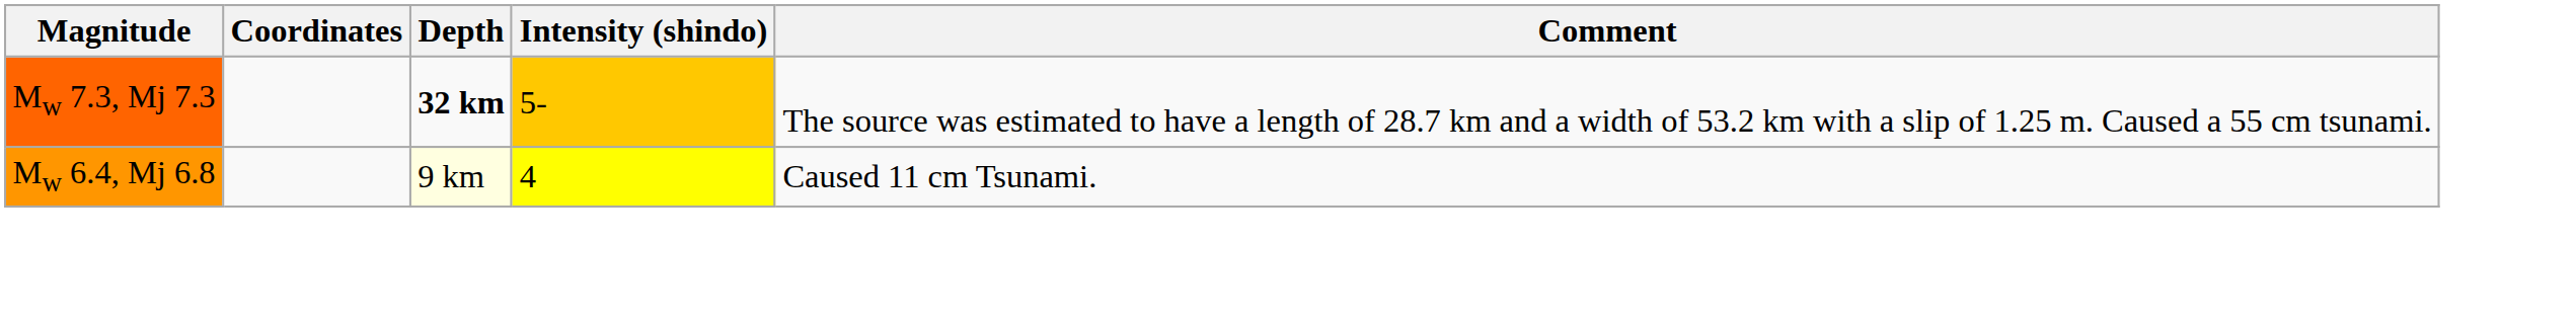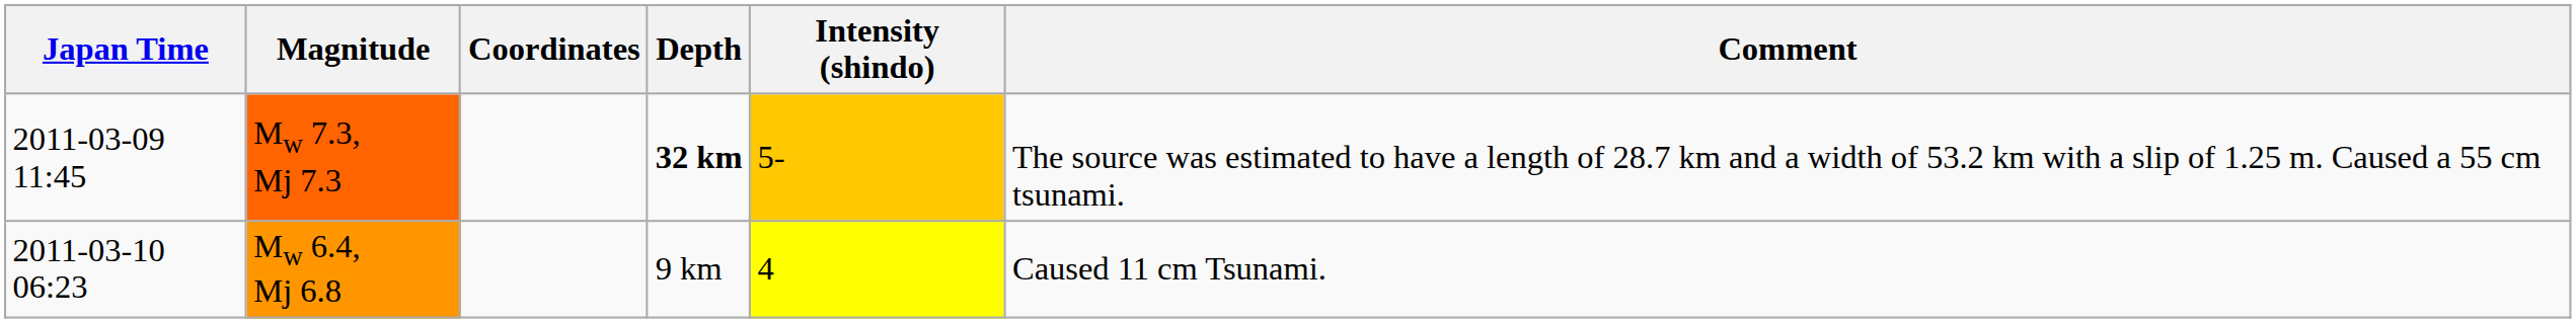 <table class="wikitable">
 <tr>
+<th><a href='#'>Japan Time</a></th>
 <th>Magnitude</th>
 <th>Coordinates</th>
 <th>Depth</th>
 <th>Intensity (shindo)</th>
 <th>Comment</th>
 </tr>
 <tr>
+<td>2011-03-09 11:45</td>
 <td style="background-color:#ff6400">M<sub>w</sub> 7.3, Mj 7.3</td>
 <td></td>
 <td><strong>32 km</strong></td>
 <td style="background-color:#ffc800">5-</td>
 <td><br>The source was estimated to have a length of 28.7 km and a width of 53.2 km with a slip of 1.25 m. Caused a 55 cm tsunami.</td>
 </tr>
 <tr>
+<td>2011-03-10 06:23</td>
 <td style="background-color:#ff9600">M<sub>w</sub> 6.4, Mj 6.8</td>
 <td></td>
-<td style="background: lightyellow;">9 km</td>
+<td>9 km</td>
 <td style="background-color:#ffff00">4</td>
 <td>Caused 11 cm Tsunami.</td>
 </tr>
 </table>
